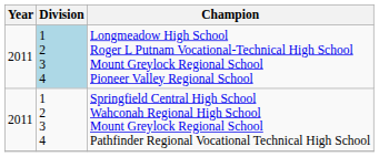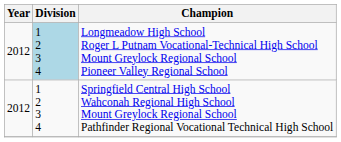 <table class="wikitable">
 <tr>
 <th>Year</th>
 <th>Division</th>
 <th>Champion</th>
 </tr>
 <tr>
-<td>2011</td>
+<td>2012</td>
 <td style="background: lightblue;">1 <br> 2 <br> 3 <br> 4 <br></td>
 <td><a href='#'>Longmeadow High School</a> <br> <a href='#'>Roger L Putnam Vocational-Technical High School</a> <br> <a href='#'>Mount Greylock Regional School</a> <br> <a href='#'>Pioneer Valley Regional School</a> <br></td>
 </tr>
 <tr>
-<td>2011</td>
+<td>2012</td>
 <td>1 <br> 2 <br> 3 <br> 4 <br></td>
 <td><a href='#'>Springfield Central High School</a> <br> <a href='#'>Wahconah Regional High School</a> <br> <a href='#'>Mount Greylock Regional School</a> <br> Pathfinder Regional Vocational Technical High School <br></td>
 </tr>
 <tr>
 </tr>
 </table>
